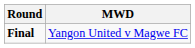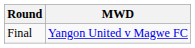 <table class="wikitable">
 <tr>
 <th>Round</th>
 <th>MWD</th>
 </tr>
 <tr>
-<td><strong>Final</strong></td>
+<td>Final</td>
 <td colspan=2 align=center><a href='#'>Yangon United v Magwe FC</a></td>
 </tr>
 </table>
